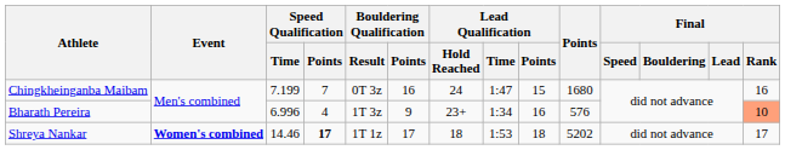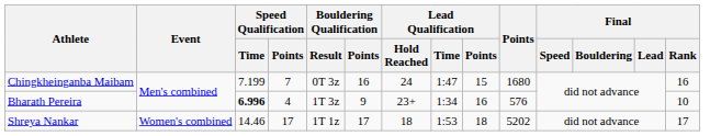 <table class="wikitable" style="text-align:center; font-size:90%">
 <tr>
 <th rowspan="2">Athlete</th>
 <th rowspan="2">Event</th>
 <th colspan="2">Speed<br>Qualification</th>
 <th colspan="2">Bouldering<br>Qualification</th>
 <th colspan="3">Lead<br>Qualification</th>
 <th rowspan="2">Points</th>
 <th colspan="4">Final</th>
 </tr>
 <tr>
 <th>Time</th>
 <th>Points</th>
 <th>Result</th>
 <th>Points</th>
 <th>Hold<br>Reached</th>
 <th>Time</th>
 <th>Points</th>
 <th>Speed</th>
 <th>Bouldering</th>
 <th>Lead</th>
 <th>Rank</th>
 </tr>
 <tr>
 <td align=left><a href='#'>Chingkheinganba Maibam</a></td>
 <td align=left rowspan="2"><a href='#'>Men's combined</a></td>
 <td>7.199</td>
 <td>7</td>
 <td>0T 3z</td>
 <td>16</td>
 <td>24</td>
 <td>1:47</td>
 <td>15</td>
 <td>1680</td>
 <td rowspan="2" colspan="3">did not advance</td>
 <td>16</td>
 </tr>
 <tr>
 <td align=left><a href='#'>Bharath Pereira</a></td>
-<td>6.996</td>
+<td><strong>6.996</strong></td>
 <td>4</td>
 <td>1T 3z</td>
 <td>9</td>
 <td>23+</td>
 <td>1:34</td>
 <td>16</td>
 <td>576</td>
-<td style="background: lightsalmon;">10</td>
+<td>10</td>
 </tr>
 <tr>
 <td align=left><a href='#'>Shreya Nankar</a></td>
-<td align=left><strong><a href='#'>Women's combined</a></strong></td>
+<td align=left><a href='#'>Women's combined</a></td>
 <td>14.46</td>
-<td><strong>17</strong></td>
+<td>17</td>
 <td>1T 1z</td>
 <td>17</td>
 <td>18</td>
 <td>1:53</td>
 <td>18</td>
 <td>5202</td>
 <td colspan="3">did not advance</td>
 <td>17</td>
 </tr>
 </table>
